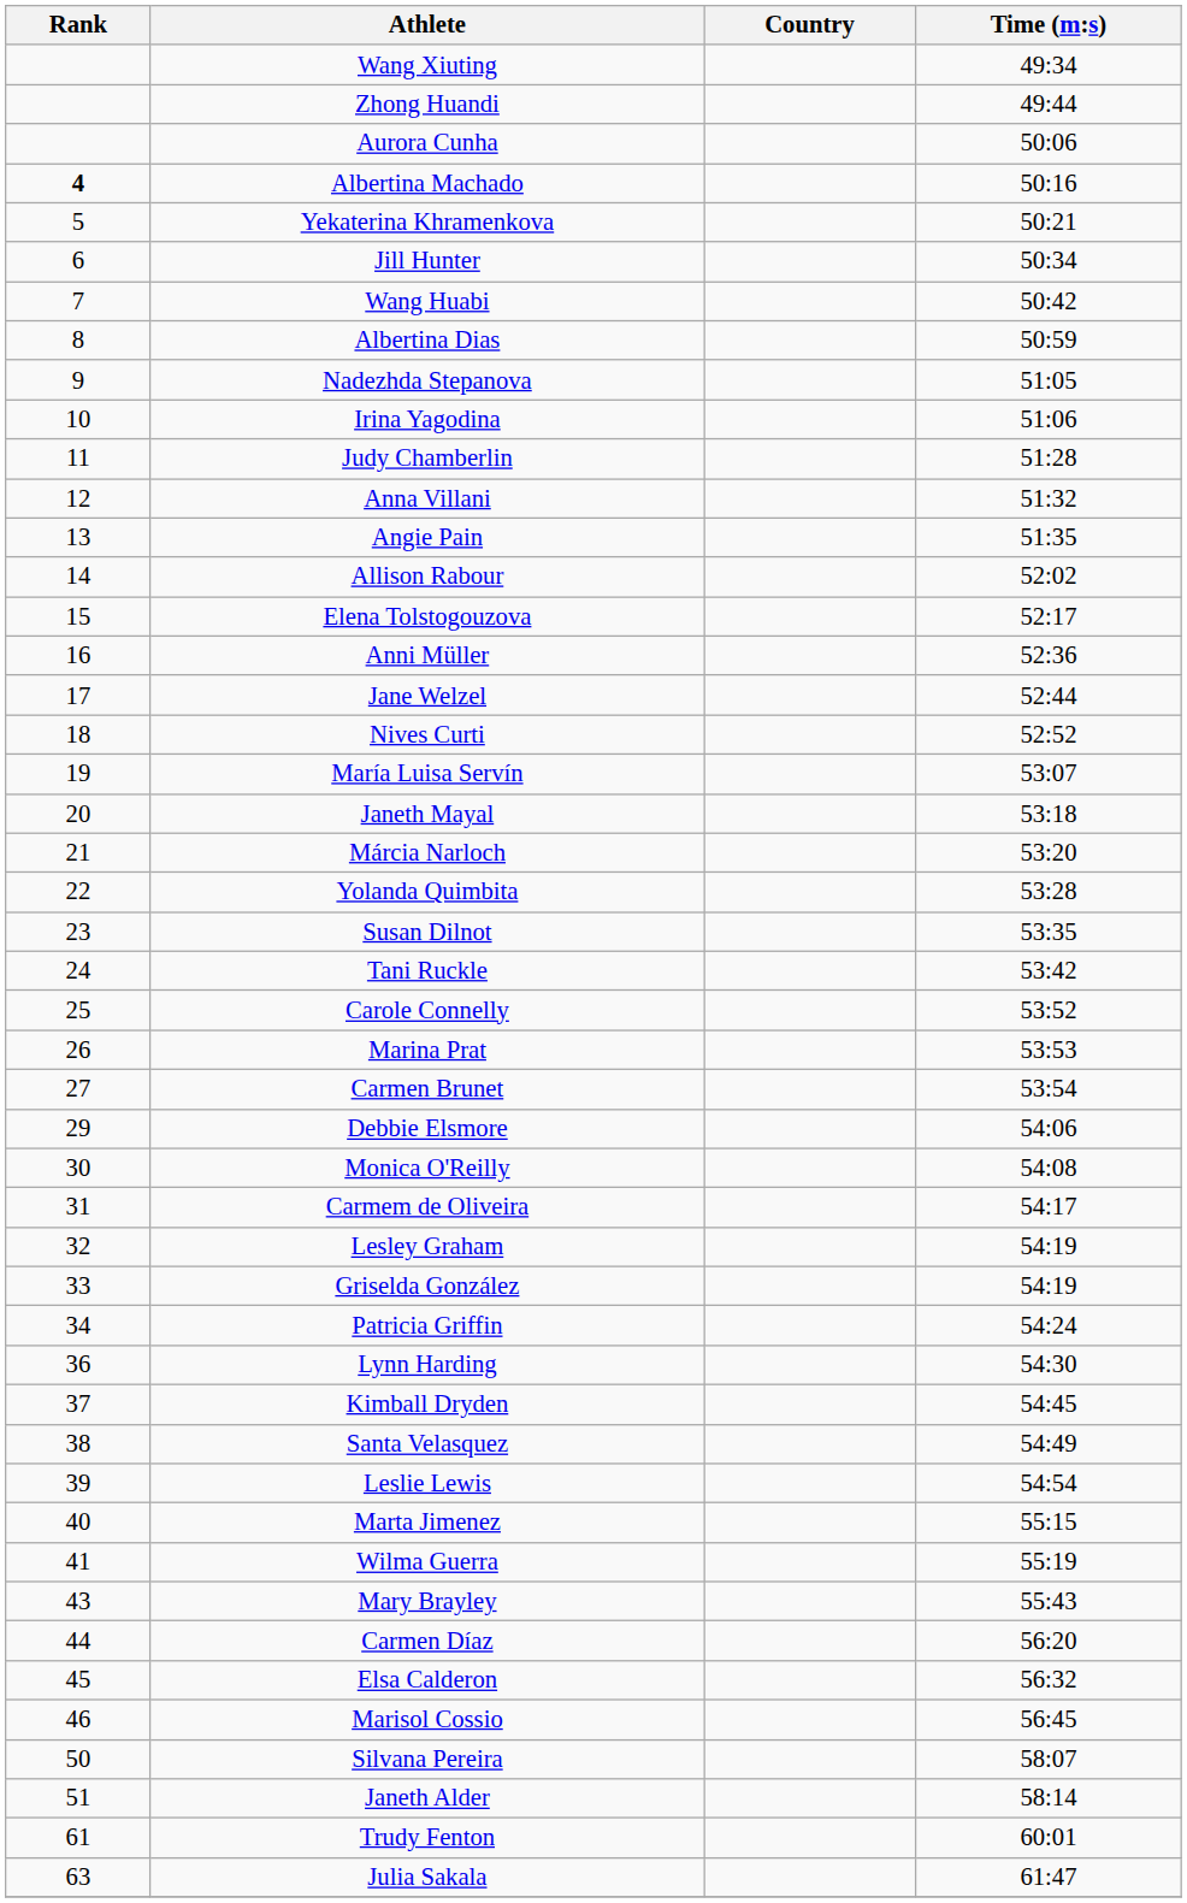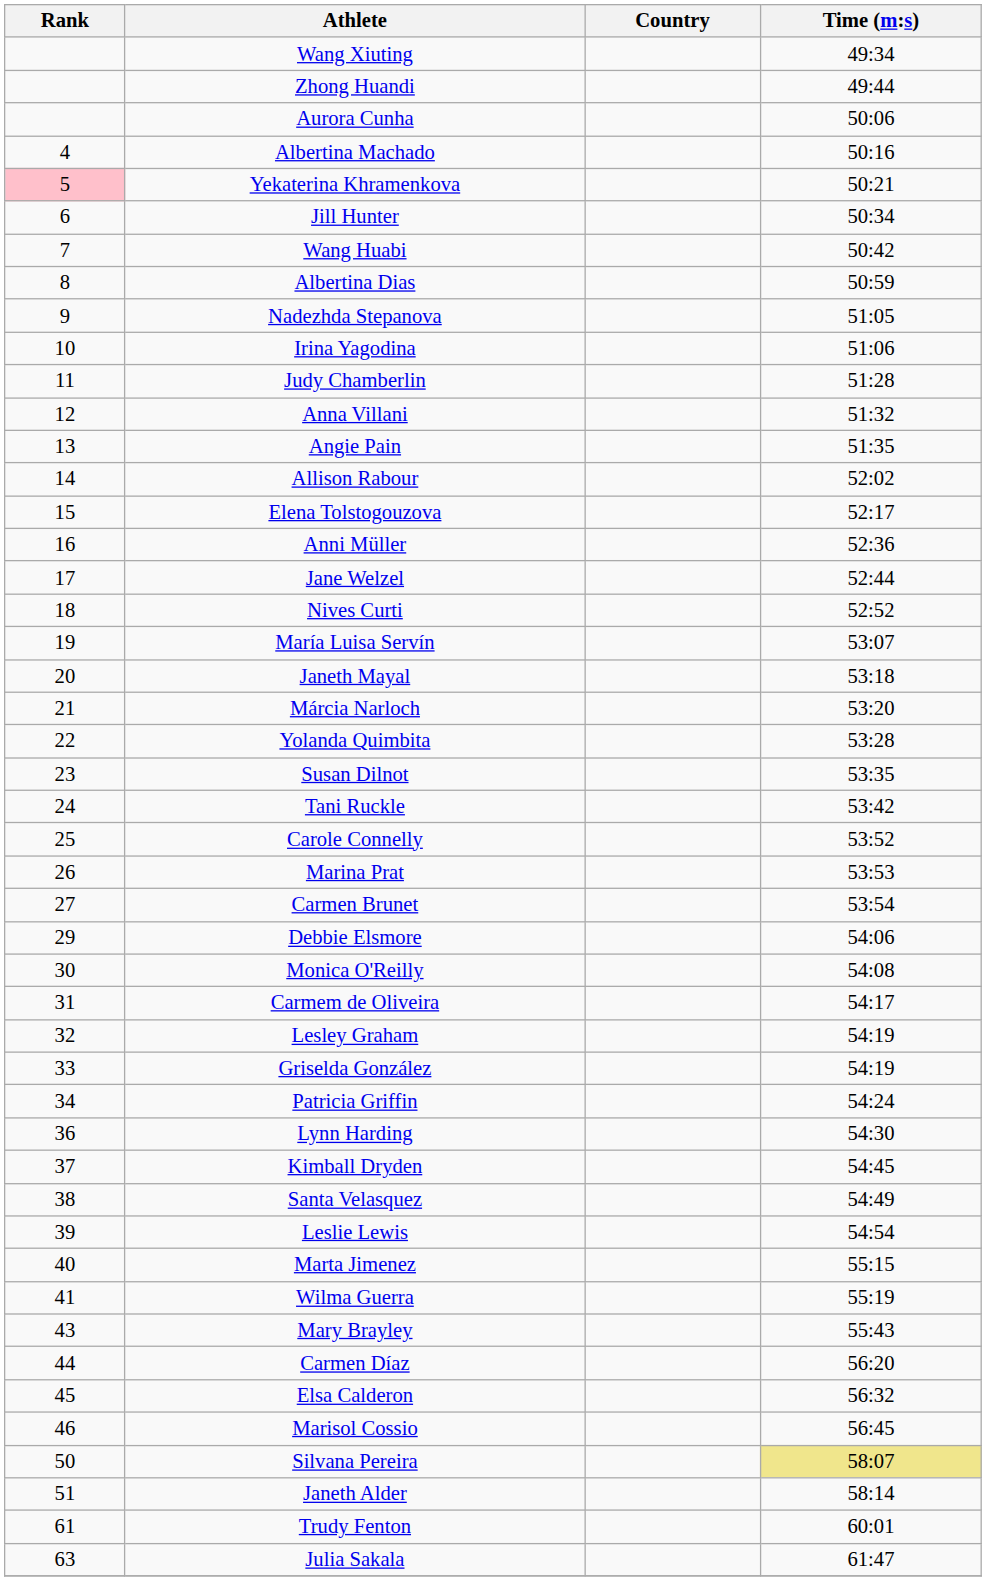 <table class="wikitable sortable" style="text-align:center;" width="60%">
 <tr>
 <th>Rank</th>
 <th>Athlete</th>
 <th>Country</th>
 <th>Time (<a href='#'>m</a>:<a href='#'>s</a>)</th>
 </tr>
 <tr>
 <td></td>
 <td><a href='#'>Wang Xiuting</a></td>
 <td align=left></td>
 <td>49:34</td>
 </tr>
 <tr>
 <td></td>
 <td><a href='#'>Zhong Huandi</a></td>
 <td align=left></td>
 <td>49:44</td>
 </tr>
 <tr>
 <td></td>
 <td><a href='#'>Aurora Cunha</a></td>
 <td align=left></td>
 <td>50:06</td>
 </tr>
 <tr>
-<td><strong>4</strong></td>
+<td>4</td>
 <td><a href='#'>Albertina Machado</a></td>
 <td align=left></td>
 <td>50:16</td>
 </tr>
 <tr>
-<td>5</td>
+<td style="background: pink;">5</td>
 <td><a href='#'>Yekaterina Khramenkova</a></td>
 <td align=left></td>
 <td>50:21</td>
 </tr>
 <tr>
 <td>6</td>
 <td><a href='#'>Jill Hunter</a></td>
 <td align=left></td>
 <td>50:34</td>
 </tr>
 <tr>
 <td>7</td>
 <td><a href='#'>Wang Huabi</a></td>
 <td align=left></td>
 <td>50:42</td>
 </tr>
 <tr>
 <td>8</td>
 <td><a href='#'>Albertina Dias</a></td>
 <td align=left></td>
 <td>50:59</td>
 </tr>
 <tr>
 <td>9</td>
 <td><a href='#'>Nadezhda Stepanova</a></td>
 <td align=left></td>
 <td>51:05</td>
 </tr>
 <tr>
 <td>10</td>
 <td><a href='#'>Irina Yagodina</a></td>
 <td align=left></td>
 <td>51:06</td>
 </tr>
 <tr>
 <td>11</td>
 <td><a href='#'>Judy Chamberlin</a></td>
 <td align=left></td>
 <td>51:28</td>
 </tr>
 <tr>
 <td>12</td>
 <td><a href='#'>Anna Villani</a></td>
 <td align=left></td>
 <td>51:32</td>
 </tr>
 <tr>
 <td>13</td>
 <td><a href='#'>Angie Pain</a></td>
 <td align=left></td>
 <td>51:35</td>
 </tr>
 <tr>
 <td>14</td>
 <td><a href='#'>Allison Rabour</a></td>
 <td align=left></td>
 <td>52:02</td>
 </tr>
 <tr>
 <td>15</td>
 <td><a href='#'>Elena Tolstogouzova</a></td>
 <td align=left></td>
 <td>52:17</td>
 </tr>
 <tr>
 <td>16</td>
 <td><a href='#'>Anni Müller</a></td>
 <td align=left></td>
 <td>52:36</td>
 </tr>
 <tr>
 <td>17</td>
 <td><a href='#'>Jane Welzel</a></td>
 <td align=left></td>
 <td>52:44</td>
 </tr>
 <tr>
 <td>18</td>
 <td><a href='#'>Nives Curti</a></td>
 <td align=left></td>
 <td>52:52</td>
 </tr>
 <tr>
 <td>19</td>
 <td><a href='#'>María Luisa Servín</a></td>
 <td align=left></td>
 <td>53:07</td>
 </tr>
 <tr>
 <td>20</td>
 <td><a href='#'>Janeth Mayal</a></td>
 <td align=left></td>
 <td>53:18</td>
 </tr>
 <tr>
 <td>21</td>
 <td><a href='#'>Márcia Narloch</a></td>
 <td align=left></td>
 <td>53:20</td>
 </tr>
 <tr>
 <td>22</td>
 <td><a href='#'>Yolanda Quimbita</a></td>
 <td align=left></td>
 <td>53:28</td>
 </tr>
 <tr>
 <td>23</td>
 <td><a href='#'>Susan Dilnot</a></td>
 <td align=left></td>
 <td>53:35</td>
 </tr>
 <tr>
 <td>24</td>
 <td><a href='#'>Tani Ruckle</a></td>
 <td align=left></td>
 <td>53:42</td>
 </tr>
 <tr>
 <td>25</td>
 <td><a href='#'>Carole Connelly</a></td>
 <td align=left></td>
 <td>53:52</td>
 </tr>
 <tr>
 <td>26</td>
 <td><a href='#'>Marina Prat</a></td>
 <td align=left></td>
 <td>53:53</td>
 </tr>
 <tr>
 <td>27</td>
 <td><a href='#'>Carmen Brunet</a></td>
 <td align=left></td>
 <td>53:54</td>
 </tr>
 <tr>
 <td>29</td>
 <td><a href='#'>Debbie Elsmore</a></td>
 <td align=left></td>
 <td>54:06</td>
 </tr>
 <tr>
 <td>30</td>
 <td><a href='#'>Monica O'Reilly</a></td>
 <td align=left></td>
 <td>54:08</td>
 </tr>
 <tr>
 <td>31</td>
 <td><a href='#'>Carmem de Oliveira</a></td>
 <td align=left></td>
 <td>54:17</td>
 </tr>
 <tr>
 <td>32</td>
 <td><a href='#'>Lesley Graham</a></td>
 <td align=left></td>
 <td>54:19</td>
 </tr>
 <tr>
 <td>33</td>
 <td><a href='#'>Griselda González</a></td>
 <td align=left></td>
 <td>54:19</td>
 </tr>
 <tr>
 <td>34</td>
 <td><a href='#'>Patricia Griffin</a></td>
 <td align=left></td>
 <td>54:24</td>
 </tr>
 <tr>
 <td>36</td>
 <td><a href='#'>Lynn Harding</a></td>
 <td align=left></td>
 <td>54:30</td>
 </tr>
 <tr>
 <td>37</td>
 <td><a href='#'>Kimball Dryden</a></td>
 <td align=left></td>
 <td>54:45</td>
 </tr>
 <tr>
 <td>38</td>
 <td><a href='#'>Santa Velasquez</a></td>
 <td align=left></td>
 <td>54:49</td>
 </tr>
 <tr>
 <td>39</td>
 <td><a href='#'>Leslie Lewis</a></td>
 <td align=left></td>
 <td>54:54</td>
 </tr>
 <tr>
 <td>40</td>
 <td><a href='#'>Marta Jimenez</a></td>
 <td align=left></td>
 <td>55:15</td>
 </tr>
 <tr>
 <td>41</td>
 <td><a href='#'>Wilma Guerra</a></td>
 <td align=left></td>
 <td>55:19</td>
 </tr>
 <tr>
 <td>43</td>
 <td><a href='#'>Mary Brayley</a></td>
 <td align=left></td>
 <td>55:43</td>
 </tr>
 <tr>
 <td>44</td>
 <td><a href='#'>Carmen Díaz</a></td>
 <td align=left></td>
 <td>56:20</td>
 </tr>
 <tr>
 <td>45</td>
 <td><a href='#'>Elsa Calderon</a></td>
 <td align=left></td>
 <td>56:32</td>
 </tr>
 <tr>
 <td>46</td>
 <td><a href='#'>Marisol Cossio</a></td>
 <td align=left></td>
 <td>56:45</td>
 </tr>
 <tr>
 <td>50</td>
 <td><a href='#'>Silvana Pereira</a></td>
 <td align=left></td>
-<td>58:07</td>
+<td style="background: khaki;">58:07</td>
 </tr>
 <tr>
 <td>51</td>
 <td><a href='#'>Janeth Alder</a></td>
 <td align=left></td>
 <td>58:14</td>
 </tr>
 <tr>
 <td>61</td>
 <td><a href='#'>Trudy Fenton</a></td>
 <td align=left></td>
 <td>60:01</td>
 </tr>
 <tr>
 <td>63</td>
 <td><a href='#'>Julia Sakala</a></td>
 <td align=left></td>
 <td>61:47</td>
 </tr>
 <tr>
 </tr>
 </table>
